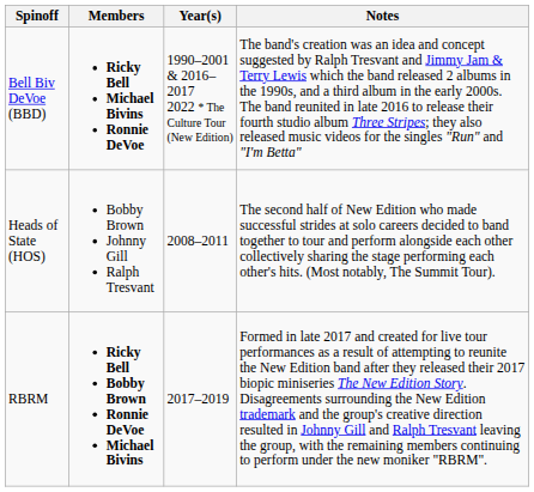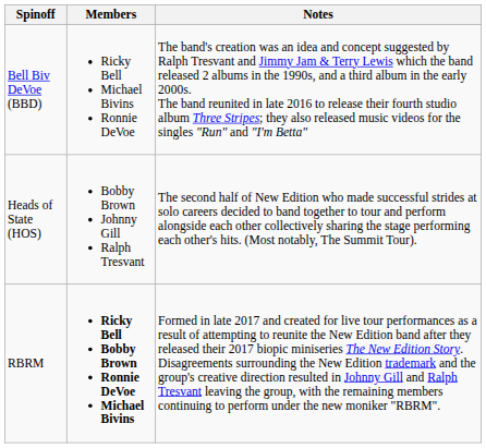 <table class="wikitable">
 <tr>
 <th>Spinoff</th>
 <th>Members</th>
-<th>Year(s)</th>
 <th>Notes</th>
 </tr>
 <tr>
 <td><a href='#'>Bell Biv DeVoe</a> (BBD)</td>
-<td><strong><br><ul><li>Ricky Bell</li><li>Michael Bivins</li><li>Ronnie DeVoe</li></ul></strong></td>
-<td>1990–2001 & 2016–2017<br>2022 <small>* The Culture Tour (New Edition)</small></td>
+<td><br><ul><li>Ricky Bell</li><li>Michael Bivins</li><li>Ronnie DeVoe</li></ul></td>
 <td>The band's creation was an idea and concept suggested by Ralph Tresvant and <a href='#'>Jimmy Jam & Terry Lewis</a> which the band released 2 albums in the 1990s, and a third album in the early 2000s.<br>The band reunited in late 2016 to release their fourth studio album <em><a href='#'>Three Stripes</a></em>; they also released music videos for the singles <em>"Run"</em> and <em>"I'm Betta"</em></td>
 </tr>
 <tr>
 <td>Heads of State (HOS)</td>
 <td><br><ul><li>Bobby Brown</li><li>Johnny Gill</li><li>Ralph Tresvant</li></ul></td>
-<td>2008–2011</td>
 <td>The second half of New Edition who made successful strides at solo careers decided to band together to tour and perform alongside each other collectively sharing the stage performing each other's hits. (Most notably, The Summit Tour).</td>
 </tr>
 <tr>
 <td>RBRM</td>
 <td><strong><br><ul><li>Ricky Bell</li><li>Bobby Brown</li><li>Ronnie DeVoe</li><li>Michael Bivins</li></ul></strong></td>
-<td>2017–2019</td>
 <td>Formed in late 2017 and created for live tour performances as a result of attempting to reunite the New Edition band after they released their 2017 biopic miniseries <em><a href='#'>The New Edition Story</a></em>.<br>Disagreements surrounding the New Edition <a href='#'>trademark</a> and the group's creative direction resulted in <a href='#'>Johnny Gill</a> and <a href='#'>Ralph Tresvant</a> leaving the group, with the remaining members continuing to perform under the new moniker "RBRM".</td>
 </tr>
 </table>
